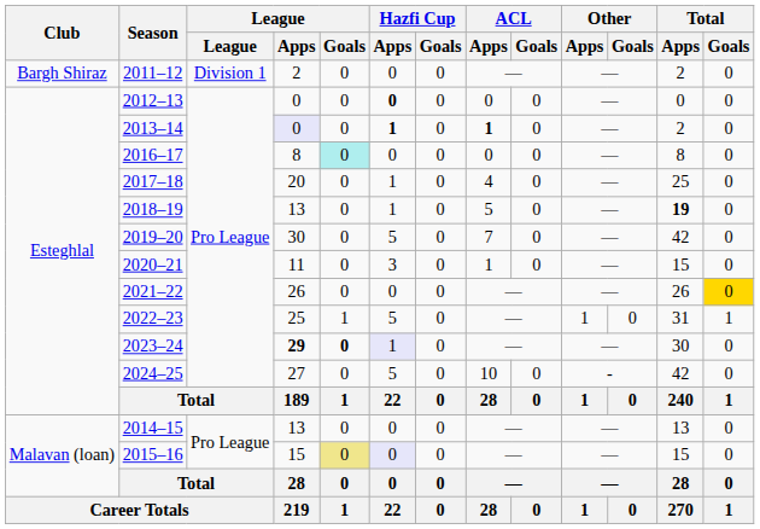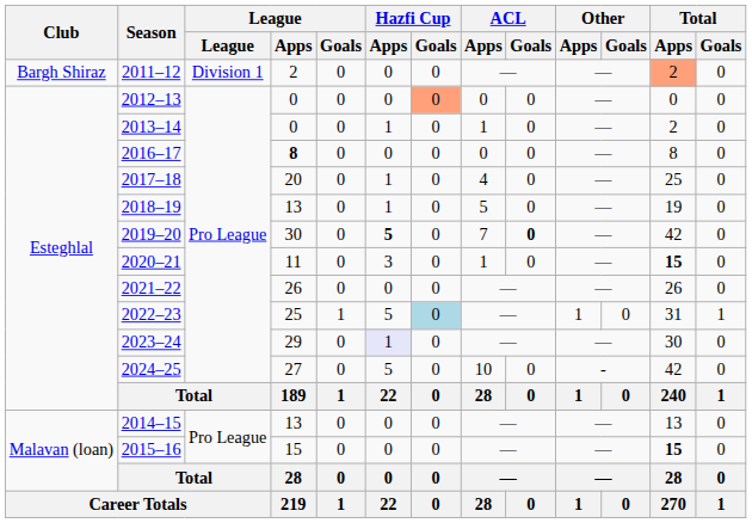 <table class="wikitable" style="text-align: center;">
 <tr>
 <th rowspan=2>Club</th>
 <th rowspan=2>Season</th>
 <th colspan=3>League</th>
 <th colspan="2"><a href='#'>Hazfi Cup</a></th>
 <th colspan="2"><a href='#'>ACL</a></th>
 <th colspan="2">Other</th>
 <th colspan="2">Total</th>
 </tr>
 <tr>
 <th>League</th>
 <th>Apps</th>
 <th>Goals</th>
 <th>Apps</th>
 <th>Goals</th>
 <th>Apps</th>
 <th>Goals</th>
 <th>Apps</th>
 <th>Goals</th>
 <th>Apps</th>
 <th>Goals</th>
 </tr>
 <tr>
 <td><a href='#'>Bargh Shiraz</a></td>
 <td><a href='#'>2011–12</a></td>
 <td><a href='#'>Division 1</a></td>
 <td>2</td>
 <td>0</td>
 <td>0</td>
 <td>0</td>
 <td colspan="2">—</td>
 <td colspan="2">—</td>
-<td>2</td>
+<td style="background: lightsalmon;">2</td>
 <td>0</td>
 </tr>
 <tr>
 <td rowspan="12"><a href='#'>Esteghlal</a></td>
 <td><a href='#'>2012–13</a></td>
 <td rowspan="11"><a href='#'>Pro League</a></td>
 <td>0</td>
 <td>0</td>
-<td><strong>0</strong></td>
 <td>0</td>
+<td style="background: lightsalmon;">0</td>
 <td>0</td>
 <td>0</td>
 <td colspan="2">—</td>
 <td>0</td>
 <td>0</td>
 </tr>
 <tr>
 <td><a href='#'>2013–14</a></td>
-<td style="background: lavender;">0</td>
 <td>0</td>
-<td><strong>1</strong></td>
 <td>0</td>
-<td><strong>1</strong></td>
+<td>1</td>
+<td>0</td>
+<td>1</td>
 <td>0</td>
 <td colspan="2">—</td>
 <td>2</td>
 <td>0</td>
 </tr>
 <tr>
 <td><a href='#'>2016–17</a></td>
-<td>8</td>
-<td style="background: paleturquoise;">0</td>
+<td><strong>8</strong></td>
+<td>0</td>
 <td>0</td>
 <td>0</td>
 <td>0</td>
 <td>0</td>
 <td colspan="2">—</td>
 <td>8</td>
 <td>0</td>
 </tr>
 <tr>
 <td><a href='#'>2017–18</a></td>
 <td>20</td>
 <td>0</td>
 <td>1</td>
 <td>0</td>
 <td>4</td>
 <td>0</td>
 <td colspan="2">—</td>
 <td>25</td>
 <td>0</td>
 </tr>
 <tr>
 <td><a href='#'>2018–19</a></td>
 <td>13</td>
 <td>0</td>
 <td>1</td>
 <td>0</td>
 <td>5</td>
 <td>0</td>
 <td colspan="2">—</td>
-<td><strong>19</strong></td>
+<td>19</td>
 <td>0</td>
 </tr>
 <tr>
 <td><a href='#'>2019–20</a></td>
 <td>30</td>
 <td>0</td>
-<td>5</td>
+<td><strong>5</strong></td>
 <td>0</td>
 <td>7</td>
-<td>0</td>
+<td><strong>0</strong></td>
 <td colspan="2">—</td>
 <td>42</td>
 <td>0</td>
 </tr>
 <tr>
 <td><a href='#'>2020–21</a></td>
 <td>11</td>
 <td>0</td>
 <td>3</td>
 <td>0</td>
 <td>1</td>
 <td>0</td>
 <td colspan="2">—</td>
-<td>15</td>
+<td><strong>15</strong></td>
 <td>0</td>
 </tr>
 <tr>
 <td><a href='#'>2021–22</a></td>
 <td>26</td>
 <td>0</td>
 <td>0</td>
 <td>0</td>
 <td colspan="2">—</td>
 <td colspan="2">—</td>
 <td>26</td>
-<td style="background: gold;">0</td>
+<td>0</td>
 </tr>
 <tr>
 <td><a href='#'>2022–23</a></td>
 <td>25</td>
 <td>1</td>
 <td>5</td>
-<td>0</td>
+<td style="background: lightblue;">0</td>
 <td colspan="2">—</td>
 <td>1</td>
 <td>0</td>
 <td>31</td>
 <td>1</td>
 </tr>
 <tr>
 <td><a href='#'>2023–24</a></td>
-<td><strong>29</strong></td>
-<td><strong>0</strong></td>
+<td>29</td>
+<td>0</td>
 <td style="background: lavender;">1</td>
 <td>0</td>
 <td colspan="2">—</td>
 <td colspan="2">—</td>
 <td>30</td>
 <td>0</td>
 </tr>
 <tr>
 <td><a href='#'>2024–25</a></td>
 <td>27</td>
 <td>0</td>
 <td>5</td>
 <td>0</td>
 <td>10</td>
 <td>0</td>
 <td colspan=2>-</td>
 <td>42</td>
 <td>0</td>
 </tr>
 <tr>
 <th colspan="2">Total</th>
 <th>189</th>
 <th>1</th>
 <th>22</th>
 <th>0</th>
 <th>28</th>
 <th>0</th>
 <th>1</th>
 <th>0</th>
 <th>240</th>
 <th>1</th>
 </tr>
 <tr>
 <td rowspan="3"><a href='#'>Malavan</a> (loan)</td>
 <td><a href='#'>2014–15</a></td>
 <td rowspan="2">Pro League</td>
 <td>13</td>
 <td>0</td>
 <td>0</td>
 <td>0</td>
 <td colspan="2">—</td>
 <td colspan="2">—</td>
 <td>13</td>
 <td>0</td>
 </tr>
 <tr>
 <td><a href='#'>2015–16</a></td>
 <td>15</td>
-<td style="background: khaki;">0</td>
-<td style="background: lavender;">0</td>
+<td>0</td>
+<td>0</td>
 <td>0</td>
 <td colspan="2">—</td>
 <td colspan="2">—</td>
-<td>15</td>
+<td><strong>15</strong></td>
 <td>0</td>
 </tr>
 <tr>
 <th colspan="2">Total</th>
 <th>28</th>
 <th>0</th>
 <th>0</th>
 <th>0</th>
 <th colspan="2">—</th>
 <th colspan="2">—</th>
 <th>28</th>
 <th>0</th>
 </tr>
 <tr>
 <th colspan=3>Career Totals</th>
 <th>219</th>
 <th>1</th>
 <th>22</th>
 <th>0</th>
 <th>28</th>
 <th>0</th>
 <th>1</th>
 <th>0</th>
 <th>270</th>
 <th>1</th>
 </tr>
 </table>
